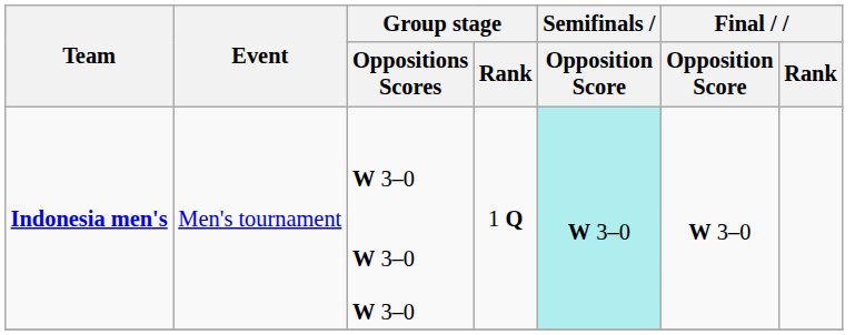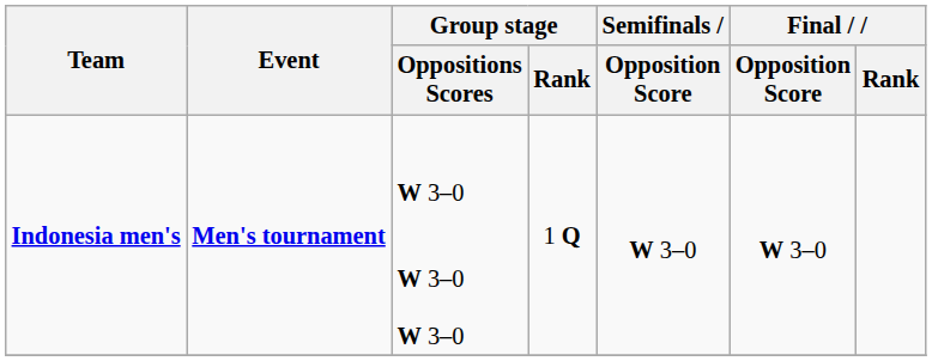 <table class=wikitable style="font-size:85%; text-align:center;">
 <tr>
 <th rowspan=2>Team</th>
 <th rowspan=2>Event</th>
 <th colspan=2>Group stage</th>
 <th>Semifinals / </th>
 <th colspan=2>Final /  / </th>
 </tr>
 <tr>
 <th>Oppositions<br>Scores</th>
 <th>Rank</th>
 <th>Opposition<br>Score</th>
 <th>Opposition<br>Score</th>
 <th>Rank</th>
 </tr>
 <tr>
 <td align=left><strong><a href='#'>Indonesia men's</a></strong></td>
-<td align=left><a href='#'>Men's tournament</a></td>
+<td align=left><strong><a href='#'>Men's tournament</a></strong></td>
 <td align=left><br> <br><strong>W</strong> 3–0 <br><br> <br><strong>W</strong> 3–0 <br>  <br><strong>W</strong> 3–0</td>
 <td>1 <strong>Q</strong></td>
-<td style="background: paleturquoise;"><br><strong>W</strong> 3–0</td>
+<td><br><strong>W</strong> 3–0</td>
 <td><br><strong>W</strong> 3–0</td>
 <td></td>
 </tr>
 <tr>
 </tr>
 </table>
